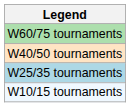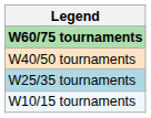 <table class=wikitable style="font-size:85%">
 <tr>
 <th>Legend</th>
 </tr>
 <tr style="background:#addfad">
-<td>W60/75 tournaments</td>
+<td><strong>W60/75 tournaments</strong></td>
 </tr>
 <tr style="background:#ffe4c4;">
 <td>W40/50 tournaments</td>
 </tr>
 <tr style="background:lightblue;">
 <td>W25/35 tournaments</td>
 </tr>
 <tr style="background:#f0f8ff;">
 <td>W10/15 tournaments</td>
 </tr>
 </table>
